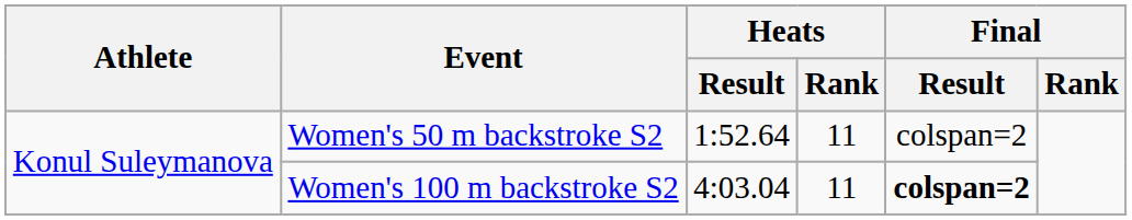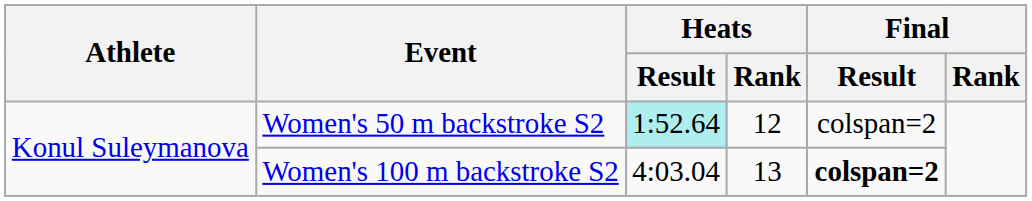 <table class=wikitable style="font-size:90%">
 <tr>
 <th rowspan="2">Athlete</th>
 <th rowspan="2">Event</th>
 <th colspan="2">Heats</th>
 <th colspan="2">Final</th>
 </tr>
 <tr>
 <th>Result</th>
 <th>Rank</th>
 <th>Result</th>
 <th>Rank</th>
 </tr>
 <tr align=center>
 <td align=left rowspan=2><a href='#'>Konul Suleymanova</a></td>
 <td align=left><a href='#'>Women's 50 m backstroke S2</a></td>
-<td>1:52.64</td>
-<td>11</td>
+<td style="background: paleturquoise;">1:52.64</td>
+<td>12</td>
 <td>colspan=2 </td>
 </tr>
 <tr align=center>
 <td align=left><a href='#'>Women's 100 m backstroke S2</a></td>
 <td>4:03.04</td>
-<td>11</td>
+<td>13</td>
 <td><strong>colspan=2 </strong></td>
 </tr>
 </table>
